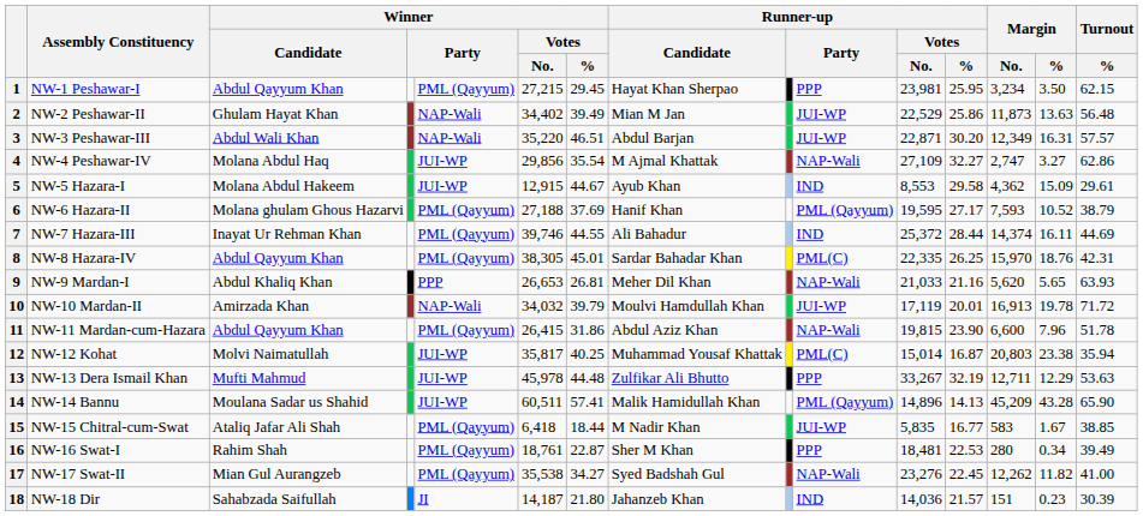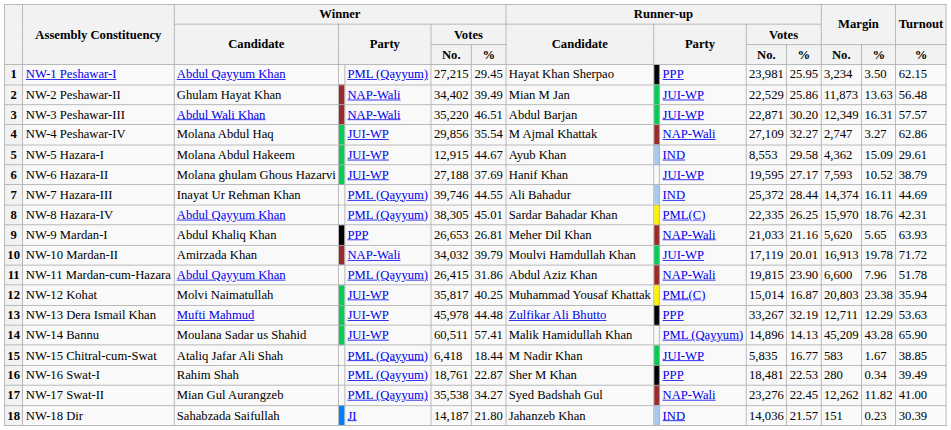 <table class="wikitable sortable">
 <tr>
 <th rowspan="3"></th>
 <th rowspan="3">Assembly Constituency</th>
 <th colspan="5">Winner</th>
 <th colspan="5">Runner-up</th>
 <th colspan="2" rowspan="2">Margin</th>
 <th rowspan="2">Turnout</th>
 </tr>
 <tr>
 <th rowspan="2">Candidate</th>
 <th colspan="2" rowspan="2">Party</th>
 <th colspan="2">Votes</th>
 <th rowspan="2">Candidate</th>
 <th colspan="2" rowspan="2">Party</th>
 <th colspan="2">Votes</th>
 </tr>
 <tr>
 <th>No.</th>
 <th>%</th>
 <th>No.</th>
 <th>%</th>
 <th>No.</th>
 <th>%</th>
 <th>%</th>
 </tr>
 <tr>
 <th>1</th>
 <td><a href='#'>NW-1 Peshawar-I</a></td>
 <td><a href='#'>Abdul Qayyum Khan</a></td>
 <td></td>
 <td><a href='#'>PML (Qayyum)</a></td>
 <td>27,215</td>
 <td>29.45</td>
 <td>Hayat Khan Sherpao</td>
 <td style="color:inherit;background:#000000"></td>
 <td><a href='#'>PPP</a></td>
 <td>23,981</td>
 <td>25.95</td>
 <td>3,234</td>
 <td>3.50</td>
 <td>62.15</td>
 </tr>
 <tr>
 <th>2</th>
 <td>NW-2 Peshawar-II</td>
 <td>Ghulam Hayat Khan</td>
 <td style="color:inherit;background:#9b2b2b"></td>
 <td><a href='#'>NAP-Wali</a></td>
 <td>34,402</td>
 <td>39.49</td>
 <td>Mian M Jan</td>
 <td style="color:inherit;background:#06cc55"></td>
 <td><a href='#'>JUI-WP</a></td>
 <td>22,529</td>
 <td>25.86</td>
 <td>11,873</td>
 <td>13.63</td>
 <td>56.48</td>
 </tr>
 <tr>
 <th>3</th>
 <td>NW-3 Peshawar-III</td>
 <td><a href='#'>Abdul Wali Khan</a></td>
 <td style="color:inherit;background:#9b2b2b"></td>
 <td><a href='#'>NAP-Wali</a></td>
 <td>35,220</td>
 <td>46.51</td>
 <td>Abdul Barjan</td>
 <td style="color:inherit;background:#06cc55"></td>
 <td><a href='#'>JUI-WP</a></td>
 <td>22,871</td>
 <td>30.20</td>
 <td>12,349</td>
 <td>16.31</td>
 <td>57.57</td>
 </tr>
 <tr>
 <th>4</th>
 <td>NW-4 Peshawar-IV</td>
 <td>Molana Abdul Haq</td>
 <td style="color:inherit;background:#06cc55"></td>
 <td><a href='#'>JUI-WP</a></td>
 <td>29,856</td>
 <td>35.54</td>
 <td>M Ajmal Khattak</td>
 <td style="color:inherit;background:#9b2b2b"></td>
 <td><a href='#'>NAP-Wali</a></td>
 <td>27,109</td>
 <td>32.27</td>
 <td>2,747</td>
 <td>3.27</td>
 <td>62.86</td>
 </tr>
 <tr>
 <th>5</th>
 <td>NW-5 Hazara-I</td>
 <td>Molana Abdul Hakeem</td>
 <td style="color:inherit;background:#06cc55"></td>
 <td><a href='#'>JUI-WP</a></td>
 <td>12,915</td>
 <td>44.67</td>
 <td>Ayub Khan</td>
 <td style="color:inherit;background:#a6caf0"></td>
 <td><a href='#'>IND</a></td>
 <td>8,553</td>
 <td>29.58</td>
 <td>4,362</td>
 <td>15.09</td>
 <td>29.61</td>
 </tr>
 <tr>
 <th>6</th>
 <td>NW-6 Hazara-II</td>
 <td>Molana ghulam Ghous Hazarvi</td>
 <td style="color:inherit;background:#06cc55"></td>
-<td><a href='#'>PML (Qayyum)</a></td>
+<td><a href='#'>JUI-WP</a></td>
 <td>27,188</td>
 <td>37.69</td>
 <td>Hanif Khan</td>
 <td></td>
-<td><a href='#'>PML (Qayyum)</a></td>
+<td><a href='#'>JUI-WP</a></td>
 <td>19,595</td>
 <td>27.17</td>
 <td>7,593</td>
 <td>10.52</td>
 <td>38.79</td>
 </tr>
 <tr>
 <th>7</th>
 <td>NW-7 Hazara-III</td>
 <td>Inayat Ur Rehman Khan</td>
 <td></td>
 <td><a href='#'>PML (Qayyum)</a></td>
 <td>39,746</td>
 <td>44.55</td>
 <td>Ali Bahadur</td>
 <td style="color:inherit;background:#a6caf0"></td>
 <td><a href='#'>IND</a></td>
 <td>25,372</td>
 <td>28.44</td>
 <td>14,374</td>
 <td>16.11</td>
 <td>44.69</td>
 </tr>
 <tr>
 <th>8</th>
 <td>NW-8 Hazara-IV</td>
 <td><a href='#'>Abdul Qayyum Khan</a></td>
 <td></td>
 <td><a href='#'>PML (Qayyum)</a></td>
 <td>38,305</td>
 <td>45.01</td>
 <td>Sardar Bahadar Khan</td>
 <td style="color:inherit;background:#fff200"></td>
 <td><a href='#'>PML(C)</a></td>
 <td>22,335</td>
 <td>26.25</td>
 <td>15,970</td>
 <td>18.76</td>
 <td>42.31</td>
 </tr>
 <tr>
 <th>9</th>
 <td>NW-9 Mardan-I</td>
 <td>Abdul Khaliq Khan</td>
 <td style="color:inherit;background:#000000"></td>
 <td><a href='#'>PPP</a></td>
 <td>26,653</td>
 <td>26.81</td>
 <td>Meher Dil Khan</td>
 <td style="color:inherit;background:#9b2b2b"></td>
 <td><a href='#'>NAP-Wali</a></td>
 <td>21,033</td>
 <td>21.16</td>
 <td>5,620</td>
 <td>5.65</td>
 <td>63.93</td>
 </tr>
 <tr>
 <th>10</th>
 <td>NW-10 Mardan-II</td>
 <td>Amirzada Khan</td>
 <td style="color:inherit;background:#9b2b2b"></td>
 <td><a href='#'>NAP-Wali</a></td>
 <td>34,032</td>
 <td>39.79</td>
 <td>Moulvi Hamdullah Khan</td>
 <td style="color:inherit;background:#06cc55"></td>
 <td><a href='#'>JUI-WP</a></td>
 <td>17,119</td>
 <td>20.01</td>
 <td>16,913</td>
 <td>19.78</td>
 <td>71.72</td>
 </tr>
 <tr>
 <th>11</th>
 <td>NW-11 Mardan-cum-Hazara</td>
 <td><a href='#'>Abdul Qayyum Khan</a></td>
 <td></td>
 <td><a href='#'>PML (Qayyum)</a></td>
 <td>26,415</td>
 <td>31.86</td>
 <td>Abdul Aziz Khan</td>
 <td style="color:inherit;background:#9b2b2b"></td>
 <td><a href='#'>NAP-Wali</a></td>
 <td>19,815</td>
 <td>23.90</td>
 <td>6,600</td>
 <td>7.96</td>
 <td>51.78</td>
 </tr>
 <tr>
 <th>12</th>
 <td>NW-12 Kohat</td>
 <td>Molvi Naimatullah</td>
 <td style="color:inherit;background:#06cc55"></td>
 <td><a href='#'>JUI-WP</a></td>
 <td>35,817</td>
 <td>40.25</td>
 <td>Muhammad Yousaf Khattak</td>
 <td style="color:inherit;background:#fff200"></td>
 <td><a href='#'>PML(C)</a></td>
 <td>15,014</td>
 <td>16.87</td>
 <td>20,803</td>
 <td>23.38</td>
 <td>35.94</td>
 </tr>
 <tr>
 <th>13</th>
 <td>NW-13 Dera Ismail Khan</td>
 <td><a href='#'>Mufti Mahmud</a></td>
 <td style="color:inherit;background:#06cc55"></td>
 <td><a href='#'>JUI-WP</a></td>
 <td>45,978</td>
 <td>44.48</td>
 <td><a href='#'>Zulfikar Ali Bhutto</a></td>
 <td style="color:inherit;background:#000000"></td>
 <td><a href='#'>PPP</a></td>
 <td>33,267</td>
 <td>32.19</td>
 <td>12,711</td>
 <td>12.29</td>
 <td>53.63</td>
 </tr>
 <tr>
 <th>14</th>
 <td>NW-14 Bannu</td>
 <td>Moulana Sadar us Shahid</td>
 <td style="color:inherit;background:#06cc55"></td>
 <td><a href='#'>JUI-WP</a></td>
 <td>60,511</td>
 <td>57.41</td>
 <td>Malik Hamidullah Khan</td>
 <td></td>
 <td><a href='#'>PML (Qayyum)</a></td>
 <td>14,896</td>
 <td>14.13</td>
 <td>45,209</td>
 <td>43.28</td>
 <td>65.90</td>
 </tr>
 <tr>
 <th>15</th>
 <td>NW-15 Chitral-cum-Swat</td>
 <td>Ataliq Jafar Ali Shah</td>
 <td></td>
 <td><a href='#'>PML (Qayyum)</a></td>
 <td>6,418</td>
 <td>18.44</td>
 <td>M Nadir Khan</td>
 <td style="color:inherit;background:#06cc55"></td>
 <td><a href='#'>JUI-WP</a></td>
 <td>5,835</td>
 <td>16.77</td>
 <td>583</td>
 <td>1.67</td>
 <td>38.85</td>
 </tr>
 <tr>
 <th>16</th>
 <td>NW-16 Swat-I</td>
 <td>Rahim Shah</td>
 <td></td>
 <td><a href='#'>PML (Qayyum)</a></td>
 <td>18,761</td>
 <td>22.87</td>
 <td>Sher M Khan</td>
 <td style="color:inherit;background:#000000"></td>
 <td><a href='#'>PPP</a></td>
 <td>18,481</td>
 <td>22.53</td>
 <td>280</td>
 <td>0.34</td>
 <td>39.49</td>
 </tr>
 <tr>
 <th>17</th>
 <td>NW-17 Swat-II</td>
 <td>Mian Gul Aurangzeb</td>
 <td></td>
 <td><a href='#'>PML (Qayyum)</a></td>
 <td>35,538</td>
 <td>34.27</td>
 <td>Syed Badshah Gul</td>
 <td style="color:inherit;background:#9b2b2b"></td>
 <td><a href='#'>NAP-Wali</a></td>
 <td>23,276</td>
 <td>22.45</td>
 <td>12,262</td>
 <td>11.82</td>
 <td>41.00</td>
 </tr>
 <tr>
 <th>18</th>
 <td>NW-18 Dir</td>
 <td>Sahabzada Saifullah</td>
 <td style="color:inherit;background:#0080ff"></td>
 <td><a href='#'>JI</a></td>
 <td>14,187</td>
 <td>21.80</td>
 <td>Jahanzeb Khan</td>
 <td style="color:inherit;background:#a6caf0"></td>
 <td><a href='#'>IND</a></td>
 <td>14,036</td>
 <td>21.57</td>
 <td>151</td>
 <td>0.23</td>
 <td>30.39</td>
 </tr>
 </table>
